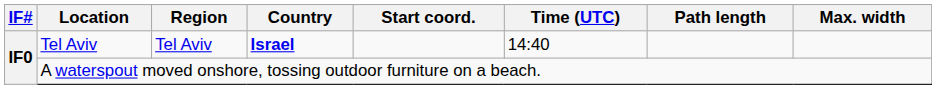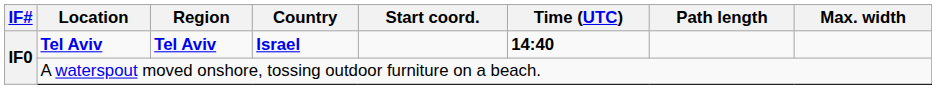 <table class="wikitable sortable" style="width:100%;">
 <tr>
 <th scope="col" width="2%" align="center"><a href='#'>IF#</a></th>
 <th scope="col" align="center" class="unsortable">Location</th>
 <th scope="col" align="center" class="unsortable">Region</th>
 <th scope="col" align="center">Country</th>
 <th scope="col" align="center">Start coord.</th>
 <th scope="col" align="center">Time (<a href='#'>UTC</a>)</th>
 <th scope="col" align="center">Path length</th>
 <th scope="col" align="center">Max. width</th>
 </tr>
 <tr>
 <th scope="row" rowspan="2" style="background-color:#">IF0</th>
-<td><a href='#'>Tel Aviv</a></td>
-<td><a href='#'>Tel Aviv</a></td>
+<td><strong><a href='#'>Tel Aviv</a></strong></td>
+<td><strong><a href='#'>Tel Aviv</a></strong></td>
 <td><strong><a href='#'>Israel</a></strong></td>
 <td></td>
-<td>14:40</td>
+<td><strong>14:40</strong></td>
 <td></td>
 <td></td>
 </tr>
 <tr class="expand-child">
 <td colspan="8" style=" border-bottom: 1px solid black;">A <a href='#'>waterspout</a> moved onshore, tossing outdoor furniture on a beach.</td>
 </tr>
 </table>
